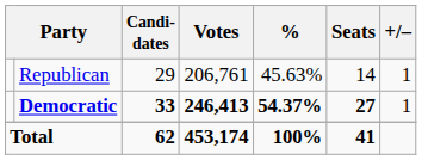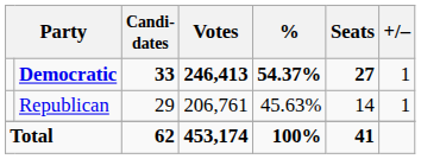 <table class="wikitable" style="font-size:100%; text-align:right;">
 <tr>
 <th colspan=2>Party</th>
 <th><small>Candi-<br>dates</small></th>
 <th>Votes</th>
 <th>%</th>
 <th>Seats</th>
 <th>+/–</th>
 </tr>
 <tr>
 <td style="background:"></td>
+<td align=left><strong><a href='#'>Democratic</a></strong></td>
+<td><strong>33</strong></td>
+<td><strong>246,413</strong></td>
+<td><strong>54.37%</strong></td>
+<td><strong>27</strong></td>
+<td> 1</td>
+</tr>
+<tr>
+<td style="background:"></td>
 <td align=left><a href='#'>Republican</a></td>
 <td>29</td>
 <td>206,761</td>
 <td>45.63%</td>
 <td>14</td>
-<td> 1</td>
-</tr>
-<tr>
-<td style="background:"></td>
-<td align=left><strong><a href='#'>Democratic</a></strong></td>
-<td><strong>33</strong></td>
-<td><strong>246,413</strong></td>
-<td><strong>54.37%</strong></td>
-<td><strong>27</strong></td>
 <td> 1</td>
 </tr>
 <tr>
 </tr>
 <tr style="font-weight:bold">
 <td colspan=2 align=left>Total</td>
 <td>62</td>
 <td>453,174</td>
 <td>100%</td>
 <td>41</td>
 <td></td>
 </tr>
 </table>
